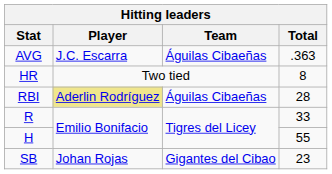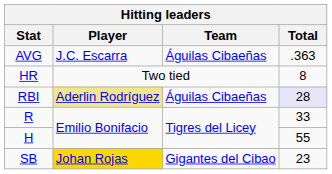 <table class="wikitable" style="text-align:center;">
 <tr>
 <th colspan="4">Hitting leaders</th>
 </tr>
 <tr>
 <th style="width:15%;">Stat</th>
 <th>Player</th>
 <th>Team</th>
 <th style="width:15%;">Total</th>
 </tr>
 <tr>
 <td><a href='#'>AVG</a></td>
 <td align=left> <a href='#'>J.C. Escarra</a></td>
 <td align=left><a href='#'>Águilas Cibaeñas</a></td>
 <td>.363</td>
 </tr>
 <tr>
 <td><a href='#'>HR</a></td>
 <td align=center colspan=2>Two tied</td>
 <td>8</td>
 </tr>
 <tr>
 <td><a href='#'>RBI</a></td>
 <td align=left style="background: khaki;"> <a href='#'>Aderlin Rodríguez</a></td>
 <td align=left><a href='#'>Águilas Cibaeñas</a></td>
-<td>28</td>
+<td style="background: lavender;">28</td>
 </tr>
 <tr>
 <td><a href='#'>R</a></td>
 <td rowspan=2 align=left> <a href='#'>Emilio Bonifacio</a></td>
 <td rowspan=2 align=left><a href='#'>Tigres del Licey</a></td>
 <td>33</td>
 </tr>
 <tr>
 <td><a href='#'>H</a></td>
 <td>55</td>
 </tr>
 <tr>
 <td><a href='#'>SB</a></td>
-<td align=left> <a href='#'>Johan Rojas</a></td>
+<td align=left style="background: gold;"> <a href='#'>Johan Rojas</a></td>
 <td align=left><a href='#'>Gigantes del Cibao</a></td>
 <td>23</td>
 </tr>
 </table>
